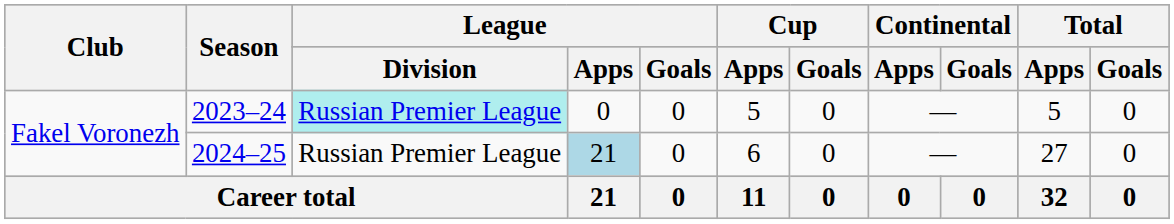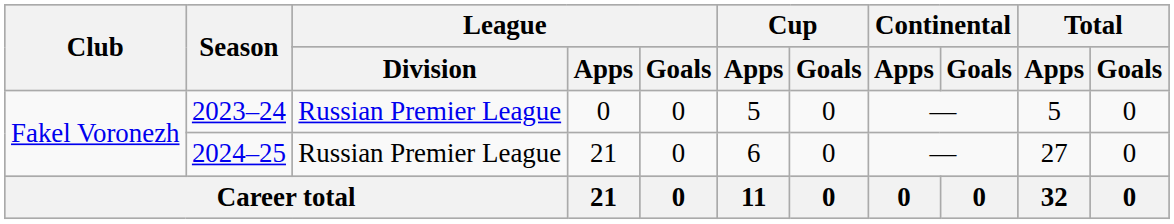 <table class="wikitable" style="text-align: center;">
 <tr>
 <th rowspan=2>Club</th>
 <th rowspan=2>Season</th>
 <th colspan=3>League</th>
 <th colspan=2>Cup</th>
 <th colspan=2>Continental</th>
 <th colspan=2>Total</th>
 </tr>
 <tr>
 <th>Division</th>
 <th>Apps</th>
 <th>Goals</th>
 <th>Apps</th>
 <th>Goals</th>
 <th>Apps</th>
 <th>Goals</th>
 <th>Apps</th>
 <th>Goals</th>
 </tr>
 <tr>
 <td rowspan="2"><a href='#'>Fakel Voronezh</a></td>
 <td><a href='#'>2023–24</a></td>
-<td style="background: paleturquoise;"><a href='#'>Russian Premier League</a></td>
+<td><a href='#'>Russian Premier League</a></td>
 <td>0</td>
 <td>0</td>
 <td>5</td>
 <td>0</td>
 <td colspan="2">—</td>
 <td>5</td>
 <td>0</td>
 </tr>
 <tr>
 <td><a href='#'>2024–25</a></td>
 <td>Russian Premier League</td>
-<td style="background: lightblue;">21</td>
+<td>21</td>
 <td>0</td>
 <td>6</td>
 <td>0</td>
 <td colspan="2">—</td>
 <td>27</td>
 <td>0</td>
 </tr>
 <tr>
 <th colspan="3">Career total</th>
 <th>21</th>
 <th>0</th>
 <th>11</th>
 <th>0</th>
 <th>0</th>
 <th>0</th>
 <th>32</th>
 <th>0</th>
 </tr>
 </table>
